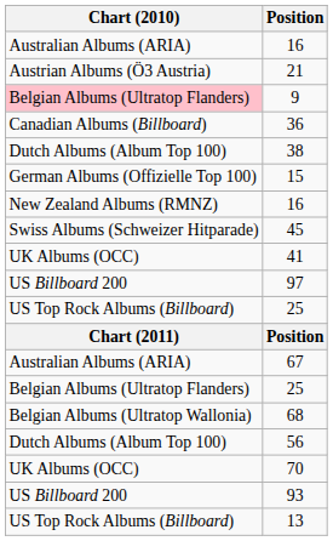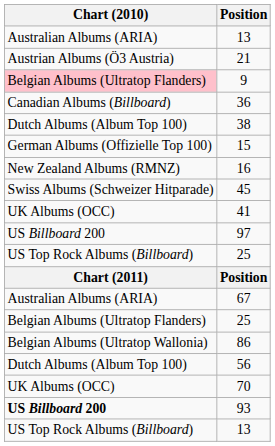 <table class="wikitable">
 <tr>
 <th>Chart (2010)</th>
 <th>Position</th>
 </tr>
 <tr>
 <td>Australian Albums (ARIA)</td>
-<td style="text-align:center;">16</td>
+<td style="text-align:center;">13</td>
 </tr>
 <tr>
 <td>Austrian Albums (Ö3 Austria)</td>
 <td style="text-align:center;">21</td>
 </tr>
 <tr>
 <td style="background: pink;">Belgian Albums (Ultratop Flanders)</td>
 <td style="text-align:center;">9</td>
 </tr>
 <tr>
 <td>Canadian Albums (<em>Billboard</em>)</td>
 <td style="text-align:center;">36</td>
 </tr>
 <tr>
 <td>Dutch Albums (Album Top 100)</td>
 <td style="text-align:center;">38</td>
 </tr>
 <tr>
 <td>German Albums (Offizielle Top 100)</td>
 <td style="text-align:center;">15</td>
 </tr>
 <tr>
 <td>New Zealand Albums (RMNZ)</td>
 <td style="text-align:center;">16</td>
 </tr>
 <tr>
 <td>Swiss Albums (Schweizer Hitparade)</td>
 <td style="text-align:center;">45</td>
 </tr>
 <tr>
 <td>UK Albums (OCC)</td>
 <td style="text-align:center;">41</td>
 </tr>
 <tr>
 <td>US <em>Billboard</em> 200</td>
 <td style="text-align:center;">97</td>
 </tr>
 <tr>
 <td>US Top Rock Albums (<em>Billboard</em>)</td>
 <td style="text-align:center;">25</td>
 </tr>
 <tr>
 <th>Chart (2011)</th>
 <th>Position</th>
 </tr>
 <tr>
 <td>Australian Albums (ARIA)</td>
 <td style="text-align:center;">67</td>
 </tr>
 <tr>
 <td>Belgian Albums (Ultratop Flanders)</td>
 <td style="text-align:center;">25</td>
 </tr>
 <tr>
 <td>Belgian Albums (Ultratop Wallonia)</td>
-<td style="text-align:center;">68</td>
+<td style="text-align:center;">86</td>
 </tr>
 <tr>
 <td>Dutch Albums (Album Top 100)</td>
 <td style="text-align:center;">56</td>
 </tr>
 <tr>
 <td>UK Albums (OCC)</td>
 <td style="text-align:center;">70</td>
 </tr>
 <tr>
-<td>US <em>Billboard</em> 200</td>
+<td><strong>US <em>Billboard</em> 200</strong></td>
 <td style="text-align:center;">93</td>
 </tr>
 <tr>
 <td>US Top Rock Albums (<em>Billboard</em>)</td>
 <td style="text-align:center;">13</td>
 </tr>
 </table>
